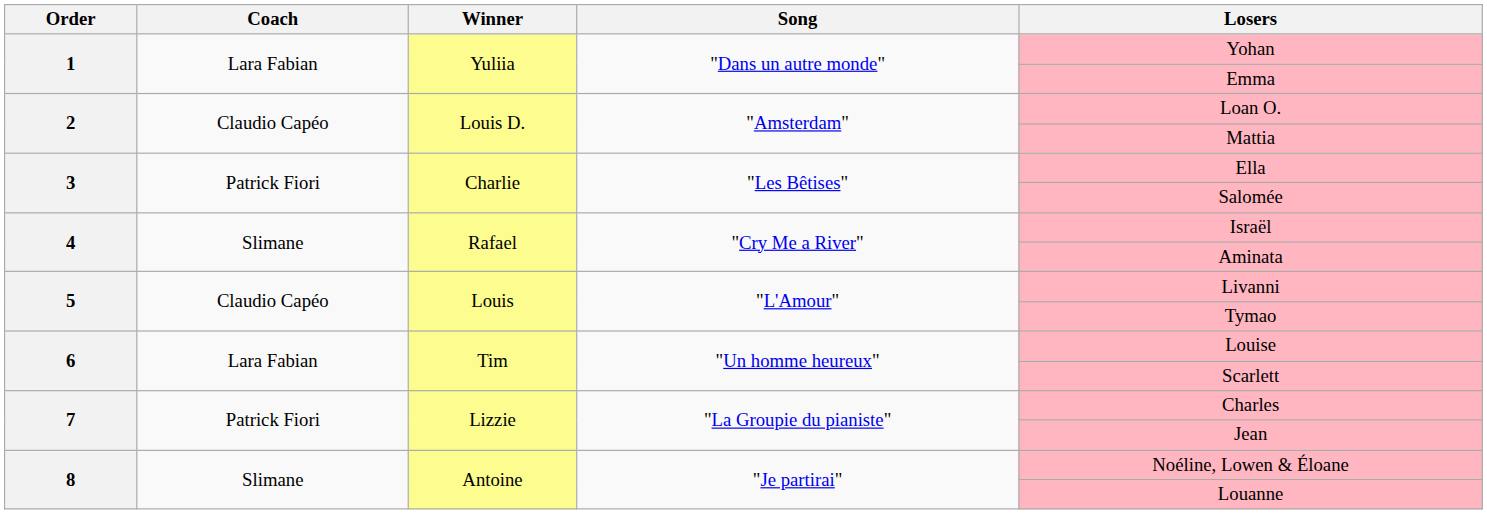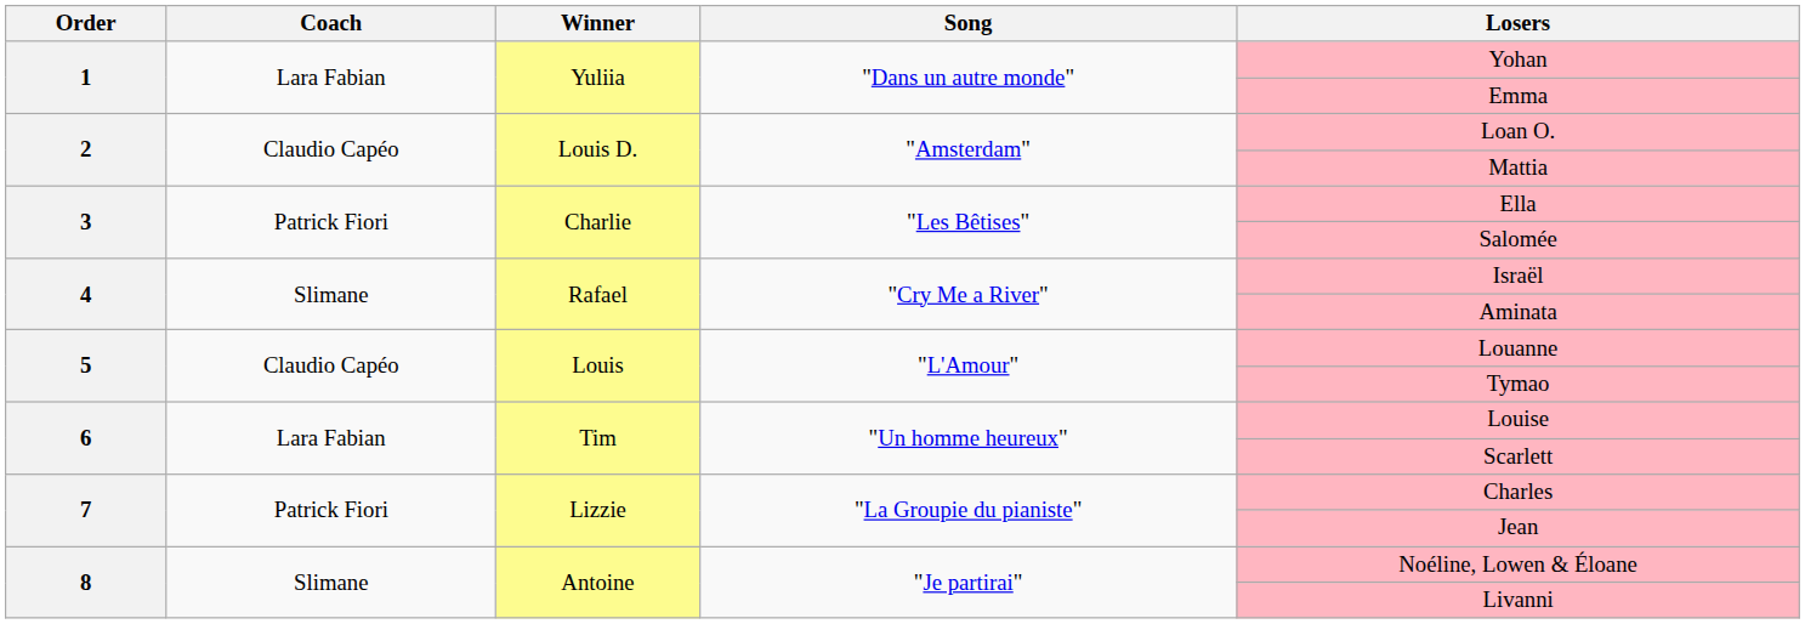 <table class="wikitable" style="text-align:center; width:100%;">
 <tr>
 <th scope="col">Order</th>
 <th scope="col">Coach</th>
 <th scope="col">Winner</th>
 <th scope="col">Song</th>
 <th scope="col">Losers</th>
 </tr>
 <tr>
 <th rowspan="2">1</th>
 <td rowspan="2" scope="row">Lara Fabian</td>
 <td rowspan="2" style="background:#fdfc8f">Yuliia</td>
 <td rowspan="2">"<a href='#'>Dans un autre monde</a>"</td>
 <td style="background:lightpink">Yohan</td>
 </tr>
 <tr>
 <td style="background:lightpink">Emma</td>
 </tr>
 <tr>
 <th rowspan="2">2</th>
 <td rowspan="2" scope="row">Claudio Capéo</td>
 <td rowspan="2" style="background:#fdfc8f">Louis D.</td>
 <td rowspan="2">"<a href='#'>Amsterdam</a>"</td>
 <td style="background:lightpink">Loan O.</td>
 </tr>
 <tr>
 <td style="background:lightpink">Mattia</td>
 </tr>
 <tr>
 <th rowspan="2">3</th>
 <td rowspan="2" scope="row">Patrick Fiori</td>
 <td rowspan="2" style="background:#fdfc8f">Charlie</td>
 <td rowspan="2">"<a href='#'>Les Bêtises</a>"</td>
 <td style="background:lightpink">Ella</td>
 </tr>
 <tr>
 <td style="background:lightpink">Salomée</td>
 </tr>
 <tr>
 <th rowspan="2">4</th>
 <td rowspan="2" scope="row">Slimane</td>
 <td rowspan="2" style="background:#fdfc8f">Rafael</td>
 <td rowspan="2">"<a href='#'>Cry Me a River</a>"</td>
 <td style="background:lightpink">Israël</td>
 </tr>
 <tr>
 <td style="background:lightpink">Aminata</td>
 </tr>
 <tr>
 <th rowspan="2">5</th>
 <td rowspan="2" scope="row">Claudio Capéo</td>
 <td rowspan="2" style="background:#fdfc8f">Louis</td>
 <td rowspan="2">"<a href='#'>L'Amour</a>"</td>
-<td style="background:lightpink">Livanni</td>
+<td style="background:lightpink">Louanne</td>
 </tr>
 <tr>
 <td style="background:lightpink">Tymao</td>
 </tr>
 <tr>
 <th rowspan="2">6</th>
 <td rowspan="2" scope="row">Lara Fabian</td>
 <td rowspan="2" style="background:#fdfc8f">Tim</td>
 <td rowspan="2">"<a href='#'>Un homme heureux</a>"</td>
 <td style="background:lightpink">Louise</td>
 </tr>
 <tr>
 <td style="background:lightpink">Scarlett</td>
 </tr>
 <tr>
 <th rowspan="2">7</th>
 <td rowspan="2" scope="row">Patrick Fiori</td>
 <td rowspan="2" style="background:#fdfc8f">Lizzie</td>
 <td rowspan="2">"<a href='#'>La Groupie du pianiste</a>"</td>
 <td style="background:lightpink">Charles</td>
 </tr>
 <tr>
 <td style="background:lightpink">Jean</td>
 </tr>
 <tr>
 <th rowspan="2">8</th>
 <td rowspan="2" scope="row">Slimane</td>
 <td rowspan="2" style="background:#fdfc8f">Antoine</td>
 <td rowspan="2">"<a href='#'>Je partirai</a>"</td>
 <td style="background:lightpink">Noéline, Lowen & Éloane</td>
 </tr>
 <tr>
-<td style="background:lightpink">Louanne</td>
+<td style="background:lightpink">Livanni</td>
 </tr>
 </table>
